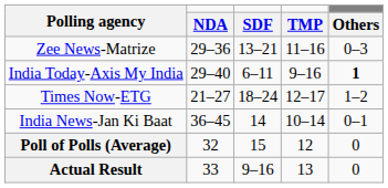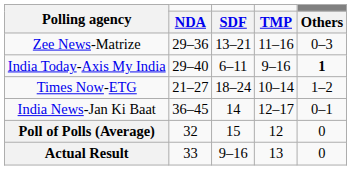 <table class="wikitable" style="text-align:center;font-size:95%;line-height:16px;">
 <tr>
 <th rowspan="2" class="wikitable">Polling agency</th>
 <td></td>
 <td></td>
 <td></td>
 <td style="background:gray;"></td>
 </tr>
 <tr>
 <th class="wikitable"><a href='#'>NDA</a></th>
 <th class="wikitable"><a href='#'>SDF</a></th>
 <th class="wikitable"><a href='#'>TMP</a></th>
 <th class="wikitable">Others</th>
 </tr>
 <tr>
 <td><a href='#'>Zee News</a>-Matrize</td>
 <td style="background:">29–36</td>
 <td>13–21</td>
 <td>11–16</td>
 <td>0–3</td>
 </tr>
 <tr>
 <td><a href='#'>India Today</a>-<a href='#'>Axis My India</a></td>
 <td style="background:">29–40</td>
 <td>6–11</td>
 <td>9–16</td>
 <td><strong>1</strong></td>
 </tr>
 <tr>
 <td><a href='#'>Times Now</a>-<a href='#'>ETG</a></td>
 <td>21–27</td>
 <td>18–24</td>
-<td>12–17</td>
+<td>10–14</td>
 <td>1–2</td>
 </tr>
 <tr>
 <td><a href='#'>India News</a>-Jan Ki Baat</td>
 <td style="background:">36–45</td>
 <td>14</td>
-<td>10–14</td>
+<td>12–17</td>
 <td>0–1</td>
 </tr>
 <tr>
 <th>Poll of Polls (Average)</th>
 <td style="background:">32</td>
 <td>15</td>
 <td>12</td>
 <td>0</td>
 </tr>
 <tr>
 <th>Actual Result</th>
 <td style="background:">33</td>
 <td>9–16</td>
 <td>13</td>
 <td>0</td>
 </tr>
 </table>
